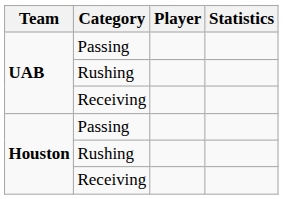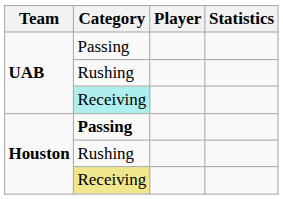 <table class="wikitable" style="float: left;">
 <tr>
 <th>Team</th>
 <th>Category</th>
 <th>Player</th>
 <th>Statistics</th>
 </tr>
 <tr>
 <td rowspan=3><strong>UAB</strong></td>
 <td>Passing</td>
 <td></td>
 <td></td>
 </tr>
 <tr>
 <td>Rushing</td>
 <td></td>
 <td></td>
 </tr>
 <tr>
-<td>Receiving</td>
+<td style="background: paleturquoise;">Receiving</td>
 <td></td>
 <td></td>
 </tr>
 <tr>
 <td rowspan=3><strong>Houston</strong></td>
-<td>Passing</td>
+<td><strong>Passing</strong></td>
 <td></td>
 <td></td>
 </tr>
 <tr>
 <td>Rushing</td>
 <td></td>
 <td></td>
 </tr>
 <tr>
-<td>Receiving</td>
+<td style="background: khaki;">Receiving</td>
 <td></td>
 <td></td>
 </tr>
 </table>
